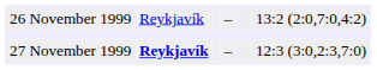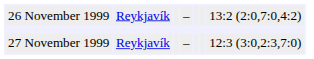 <table cellspacing="2" border="0" cellpadding="3" bgcolor="#EFEFFF">
 <tr>
 <td bgcolor="#EEEEEE">26 November 1999</td>
 <td bgcolor="#EEEEEE"><a href='#'>Reykjavík</a></td>
 <td bgcolor="#EEEEEE"></td>
 <td bgcolor="#EEEEEE" align="center">–</td>
 <td bgcolor="#EEEEEE"></td>
 <td bgcolor="#EEEEEE"></td>
 <td bgcolor="#EEEEEE" align="right">13:2 (2:0,7:0,4:2)</td>
 </tr>
 <tr>
 <td></td>
 </tr>
 <tr>
 <td bgcolor="#EEEEEE">27 November 1999</td>
-<td bgcolor="#EEEEEE"><strong><a href='#'>Reykjavík</a></strong></td>
+<td bgcolor="#EEEEEE"><a href='#'>Reykjavík</a></td>
 <td bgcolor="#EEEEEE"></td>
 <td bgcolor="#EEEEEE" align="center">–</td>
 <td bgcolor="#EEEEEE"></td>
 <td bgcolor="#EEEEEE"></td>
 <td bgcolor="#EEEEEE" align="right">12:3 (3:0,2:3,7:0)</td>
 </tr>
 </table>
